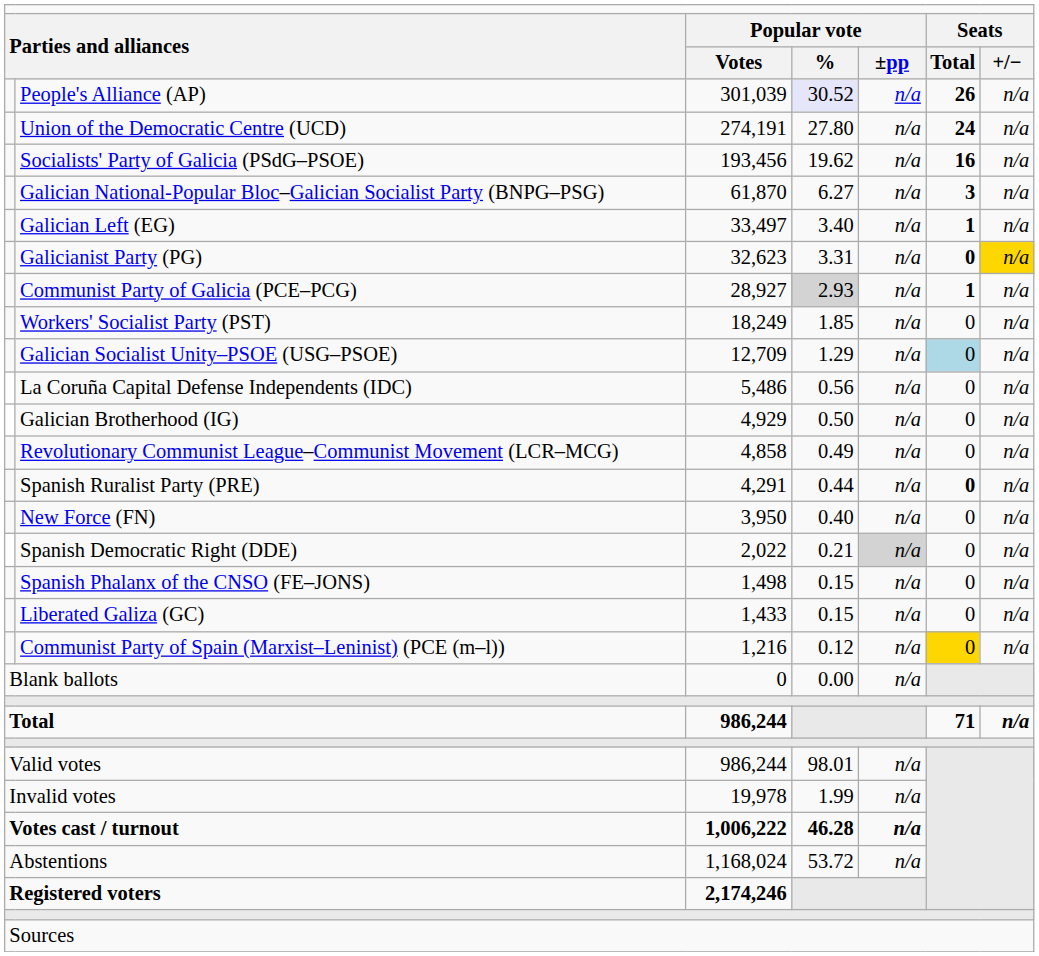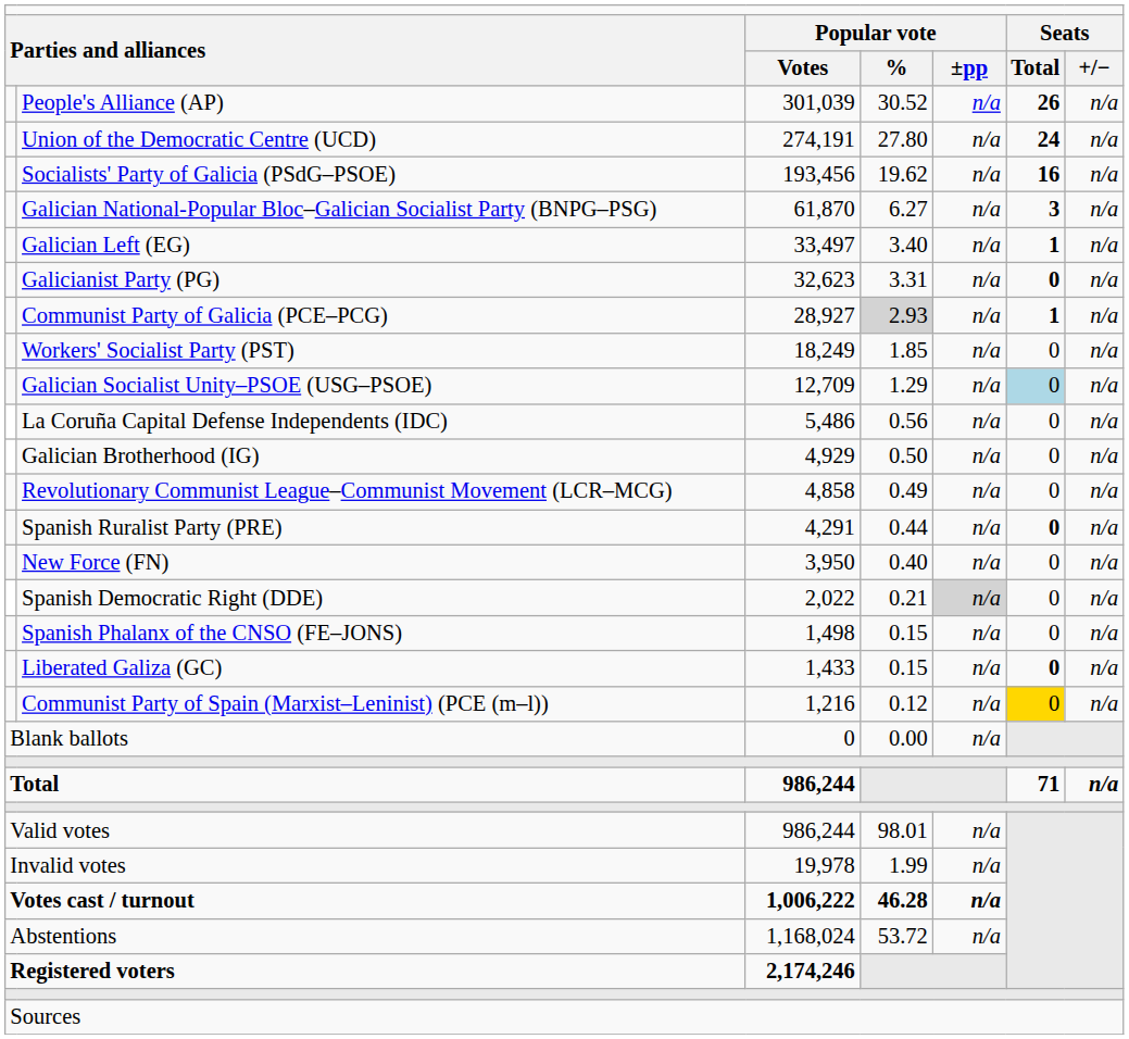 <table class="wikitable" style="text-align:right;">
 <tr>
 <td colspan="7"></td>
 </tr>
 <tr>
 <th style="text-align:left;" rowspan="2" colspan="2" width="525">Parties and alliances</th>
 <th colspan="3">Popular vote</th>
 <th colspan="2">Seats</th>
 </tr>
 <tr>
 <th width="75">Votes</th>
 <th width="45">%</th>
 <th width="45">±<a href='#'>pp</a></th>
 <th width="35">Total</th>
 <th width="35">+/−</th>
 </tr>
 <tr>
 <td width="1" style="color:inherit;background:"></td>
 <td align="left"><a href='#'>People's Alliance</a> (AP)</td>
 <td>301,039</td>
-<td style="background: lavender;">30.52</td>
+<td>30.52</td>
 <td><em><a href='#'>n/a</a></em></td>
 <td><strong>26</strong></td>
 <td><em>n/a</em></td>
 </tr>
 <tr>
 <td style="color:inherit;background:"></td>
 <td align="left"><a href='#'>Union of the Democratic Centre</a> (UCD)</td>
 <td>274,191</td>
 <td>27.80</td>
 <td><em>n/a</em></td>
 <td><strong>24</strong></td>
 <td><em>n/a</em></td>
 </tr>
 <tr>
 <td style="color:inherit;background:"></td>
 <td align="left"><a href='#'>Socialists' Party of Galicia</a> (PSdG–PSOE)</td>
 <td>193,456</td>
 <td>19.62</td>
 <td><em>n/a</em></td>
 <td><strong>16</strong></td>
 <td><em>n/a</em></td>
 </tr>
 <tr>
 <td style="color:inherit;background:"></td>
 <td align="left"><a href='#'>Galician National-Popular Bloc</a>–<a href='#'>Galician Socialist Party</a> (BNPG–PSG)</td>
 <td>61,870</td>
 <td>6.27</td>
 <td><em>n/a</em></td>
 <td><strong>3</strong></td>
 <td><em>n/a</em></td>
 </tr>
 <tr>
 <td style="color:inherit;background:"></td>
 <td align="left"><a href='#'>Galician Left</a> (EG)</td>
 <td>33,497</td>
 <td>3.40</td>
 <td><em>n/a</em></td>
 <td><strong>1</strong></td>
 <td><em>n/a</em></td>
 </tr>
 <tr>
 <td style="color:inherit;background:"></td>
 <td align="left"><a href='#'>Galicianist Party</a> (PG)</td>
 <td>32,623</td>
 <td>3.31</td>
 <td><em>n/a</em></td>
 <td><strong>0</strong></td>
-<td style="background: gold;"><em>n/a</em></td>
+<td><em>n/a</em></td>
 </tr>
 <tr>
 <td style="color:inherit;background:"></td>
 <td align="left"><a href='#'>Communist Party of Galicia</a> (PCE–PCG)</td>
 <td>28,927</td>
 <td style="background: lightgrey;">2.93</td>
 <td><em>n/a</em></td>
 <td><strong>1</strong></td>
 <td><em>n/a</em></td>
 </tr>
 <tr>
 <td style="color:inherit;background:"></td>
 <td align="left"><a href='#'>Workers' Socialist Party</a> (PST)</td>
 <td>18,249</td>
 <td>1.85</td>
 <td><em>n/a</em></td>
 <td>0</td>
 <td><em>n/a</em></td>
 </tr>
 <tr>
 <td style="color:inherit;background:"></td>
 <td align="left"><a href='#'>Galician Socialist Unity–PSOE</a> (USG–PSOE)</td>
 <td>12,709</td>
 <td>1.29</td>
 <td><em>n/a</em></td>
 <td style="background: lightblue;">0</td>
 <td><em>n/a</em></td>
 </tr>
 <tr>
 <td bgcolor="white"></td>
 <td align="left">La Coruña Capital Defense Independents (IDC)</td>
 <td>5,486</td>
 <td>0.56</td>
 <td><em>n/a</em></td>
 <td>0</td>
 <td><em>n/a</em></td>
 </tr>
 <tr>
 <td bgcolor="white"></td>
 <td align="left">Galician Brotherhood (IG)</td>
 <td>4,929</td>
 <td>0.50</td>
 <td><em>n/a</em></td>
 <td>0</td>
 <td><em>n/a</em></td>
 </tr>
 <tr>
 <td style="color:inherit;background:"></td>
 <td align="left"><a href='#'>Revolutionary Communist League</a>–<a href='#'>Communist Movement</a> (LCR–MCG)</td>
 <td>4,858</td>
 <td>0.49</td>
 <td><em>n/a</em></td>
 <td>0</td>
 <td><em>n/a</em></td>
 </tr>
 <tr>
 <td style="color:inherit;background:"></td>
 <td align="left">Spanish Ruralist Party (PRE)</td>
 <td>4,291</td>
 <td>0.44</td>
 <td><em>n/a</em></td>
 <td><strong>0</strong></td>
 <td><em>n/a</em></td>
 </tr>
 <tr>
 <td style="color:inherit;background:"></td>
 <td align="left"><a href='#'>New Force</a> (FN)</td>
 <td>3,950</td>
 <td>0.40</td>
 <td><em>n/a</em></td>
 <td>0</td>
 <td><em>n/a</em></td>
 </tr>
 <tr>
 <td bgcolor="white"></td>
 <td align="left">Spanish Democratic Right (DDE)</td>
 <td>2,022</td>
 <td>0.21</td>
 <td style="background: lightgrey;"><em>n/a</em></td>
 <td>0</td>
 <td><em>n/a</em></td>
 </tr>
 <tr>
 <td style="color:inherit;background:"></td>
 <td align="left"><a href='#'>Spanish Phalanx of the CNSO</a> (FE–JONS)</td>
 <td>1,498</td>
 <td>0.15</td>
 <td><em>n/a</em></td>
 <td>0</td>
 <td><em>n/a</em></td>
 </tr>
 <tr>
 <td style="color:inherit;background:"></td>
 <td align="left"><a href='#'>Liberated Galiza</a> (GC)</td>
 <td>1,433</td>
 <td>0.15</td>
 <td><em>n/a</em></td>
-<td>0</td>
+<td><strong>0</strong></td>
 <td><em>n/a</em></td>
 </tr>
 <tr>
 <td style="color:inherit;background:"></td>
 <td align="left"><a href='#'>Communist Party of Spain (Marxist–Leninist)</a> (PCE (m–l))</td>
 <td>1,216</td>
 <td>0.12</td>
 <td><em>n/a</em></td>
 <td style="background: gold;">0</td>
 <td><em>n/a</em></td>
 </tr>
 <tr>
 <td align="left" colspan="2">Blank ballots</td>
 <td>0</td>
 <td>0.00</td>
 <td><em>n/a</em></td>
 <td bgcolor="#E9E9E9" colspan="2"></td>
 </tr>
 <tr>
 <td colspan="7" bgcolor="#E9E9E9"></td>
 </tr>
 <tr style="font-weight:bold;">
 <td align="left" colspan="2">Total</td>
 <td>986,244</td>
 <td bgcolor="#E9E9E9" colspan="2"></td>
 <td>71</td>
 <td><em>n/a</em></td>
 </tr>
 <tr>
 <td colspan="7" bgcolor="#E9E9E9"></td>
 </tr>
 <tr>
 <td align="left" colspan="2">Valid votes</td>
 <td>986,244</td>
 <td>98.01</td>
 <td><em>n/a</em></td>
 <td bgcolor="#E9E9E9" colspan="2" rowspan="5"></td>
 </tr>
 <tr>
 <td align="left" colspan="2">Invalid votes</td>
 <td>19,978</td>
 <td>1.99</td>
 <td><em>n/a</em></td>
 </tr>
 <tr style="font-weight:bold;">
 <td align="left" colspan="2">Votes cast / turnout</td>
 <td>1,006,222</td>
 <td>46.28</td>
 <td><em>n/a</em></td>
 </tr>
 <tr>
 <td align="left" colspan="2">Abstentions</td>
 <td>1,168,024</td>
 <td>53.72</td>
 <td><em>n/a</em></td>
 </tr>
 <tr style="font-weight:bold;">
 <td align="left" colspan="2">Registered voters</td>
 <td>2,174,246</td>
 <td bgcolor="#E9E9E9" colspan="2"></td>
 </tr>
 <tr>
 <td colspan="7" bgcolor="#E9E9E9"></td>
 </tr>
 <tr>
 <td align="left" colspan="7">Sources</td>
 </tr>
 </table>
